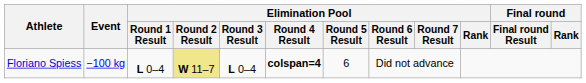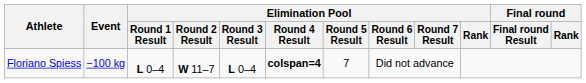 <table class="wikitable" style="font-size:90%">
 <tr>
 <th rowspan="2">Athlete</th>
 <th rowspan="2">Event</th>
 <th colspan=8>Elimination Pool</th>
 <th colspan=2>Final round</th>
 </tr>
 <tr style="font-size: 95%">
 <th>Round 1<br>Result</th>
 <th>Round 2<br>Result</th>
 <th>Round 3<br>Result</th>
 <th>Round 4<br>Result</th>
 <th>Round 5<br>Result</th>
 <th>Round 6<br>Result</th>
 <th>Round 7<br>Result</th>
 <th>Rank</th>
 <th>Final round<br>Result</th>
 <th>Rank</th>
 </tr>
 <tr align=center>
 <td align=left><a href='#'>Floriano Spiess</a></td>
 <td align=left><a href='#'>−100 kg</a></td>
 <td><br><strong>L</strong> 0–4</td>
-<td style="background: khaki;"><br><strong>W</strong> 11–7</td>
+<td><br><strong>W</strong> 11–7</td>
 <td><br><strong>L</strong> 0–4</td>
 <td><strong>colspan=4 </strong></td>
-<td>6</td>
+<td>7</td>
 <td colspan=2>Did not advance</td>
 </tr>
 </table>
